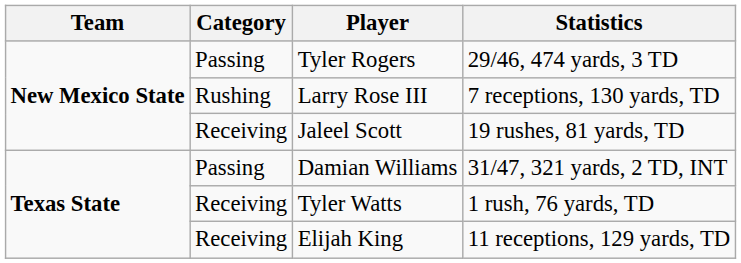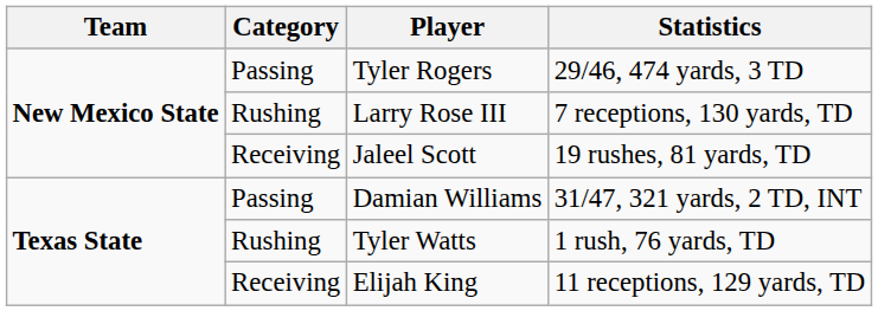 <table class="wikitable" style="float: right;">
 <tr>
 <th>Team</th>
 <th>Category</th>
 <th>Player</th>
 <th>Statistics</th>
 </tr>
 <tr>
 <td rowspan=3><strong>New Mexico State</strong></td>
 <td>Passing</td>
 <td>Tyler Rogers</td>
 <td>29/46, 474 yards, 3 TD</td>
 </tr>
 <tr>
 <td>Rushing</td>
 <td>Larry Rose III</td>
 <td>7 receptions, 130 yards, TD</td>
 </tr>
 <tr>
 <td>Receiving</td>
 <td>Jaleel Scott</td>
 <td>19 rushes, 81 yards, TD</td>
 </tr>
 <tr>
 <td rowspan=3><strong>Texas State</strong></td>
 <td>Passing</td>
 <td>Damian Williams</td>
 <td>31/47, 321 yards, 2 TD, INT</td>
 </tr>
 <tr>
-<td>Receiving</td>
+<td>Rushing</td>
 <td>Tyler Watts</td>
 <td>1 rush, 76 yards, TD</td>
 </tr>
 <tr>
 <td>Receiving</td>
 <td>Elijah King</td>
 <td>11 receptions, 129 yards, TD</td>
 </tr>
 </table>
